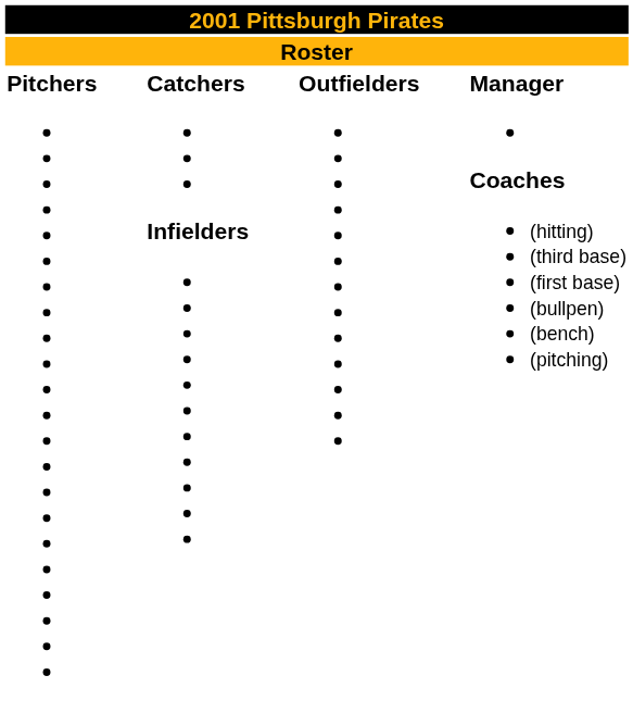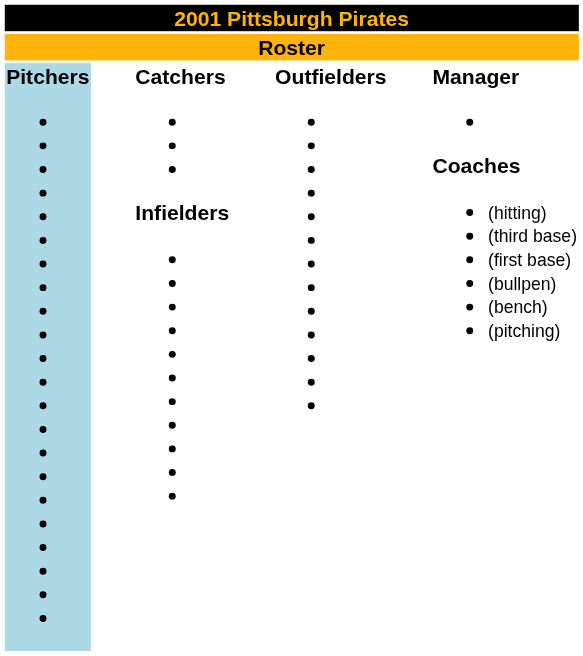 <table class="toccolours" style="font-size: 95%;">
 <tr>
 <th colspan="10" style="background-color: black; color: #FFB40B; text-align: center;">2001 Pittsburgh Pirates</th>
 </tr>
 <tr>
 <td colspan="10" style="background-color: #FFB40B; color: black; text-align: center;"><strong>Roster</strong></td>
 </tr>
 <tr>
-<td valign="top"><strong>Pitchers</strong><br><ul><li></li><li></li><li></li><li></li><li></li><li></li><li></li><li></li><li></li><li></li><li></li><li></li><li></li><li></li><li></li><li></li><li></li><li></li><li></li><li></li><li></li><li></li></ul></td>
+<td valign="top" style="background: lightblue;"><strong>Pitchers</strong><br><ul><li></li><li></li><li></li><li></li><li></li><li></li><li></li><li></li><li></li><li></li><li></li><li></li><li></li><li></li><li></li><li></li><li></li><li></li><li></li><li></li><li></li><li></li></ul></td>
 <td width="25px"></td>
 <td valign="top"><strong>Catchers</strong><br><ul><li></li><li></li><li></li></ul><strong>Infielders</strong><ul><li></li><li></li><li></li><li></li><li></li><li></li><li></li><li></li><li></li><li></li><li></li></ul></td>
 <td width="25px"></td>
 <td valign="top"><strong>Outfielders</strong><br><ul><li></li><li></li><li></li><li></li><li></li><li></li><li></li><li></li><li></li><li></li><li></li><li></li><li></li></ul></td>
 <td width="25px"></td>
 <td valign="top"><strong>Manager</strong><br><ul><li></li></ul><strong>Coaches</strong><ul><li> <small>(hitting)</small></li><li> <small>(third base)</small></li><li> <small>(first base)</small></li><li> <small>(bullpen)</small></li><li> <small>(bench)</small></li><li> <small>(pitching)</small></li></ul></td>
 </tr>
 </table>
